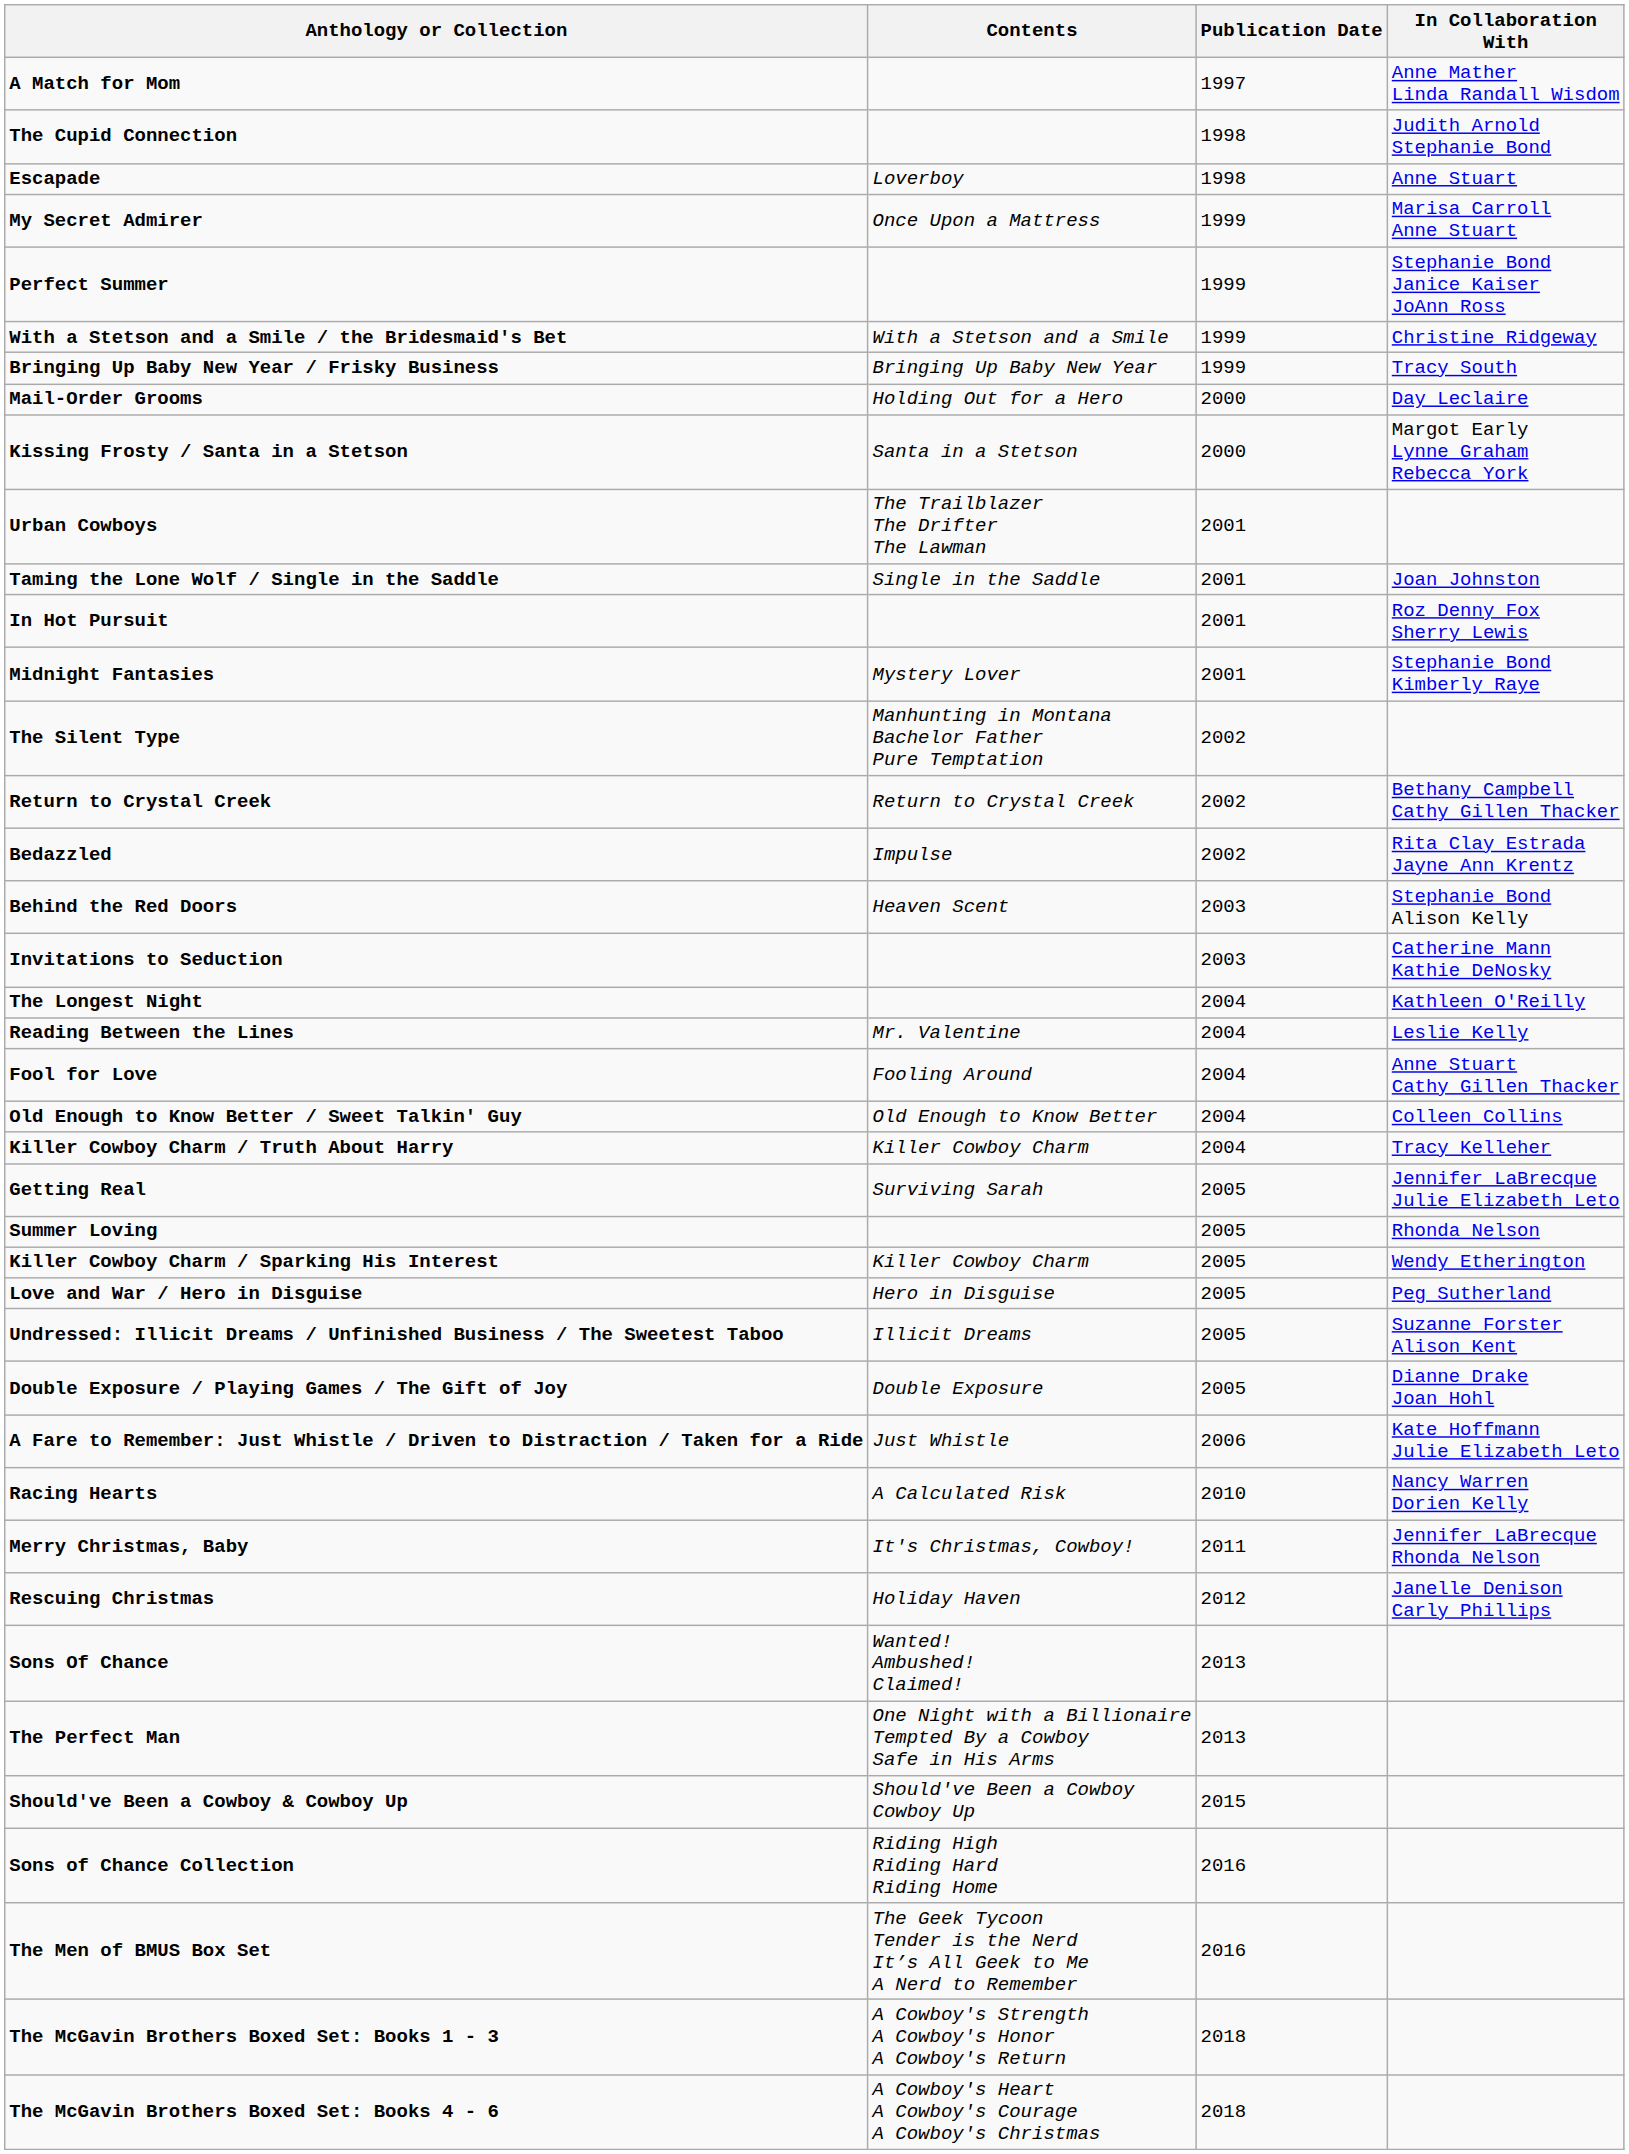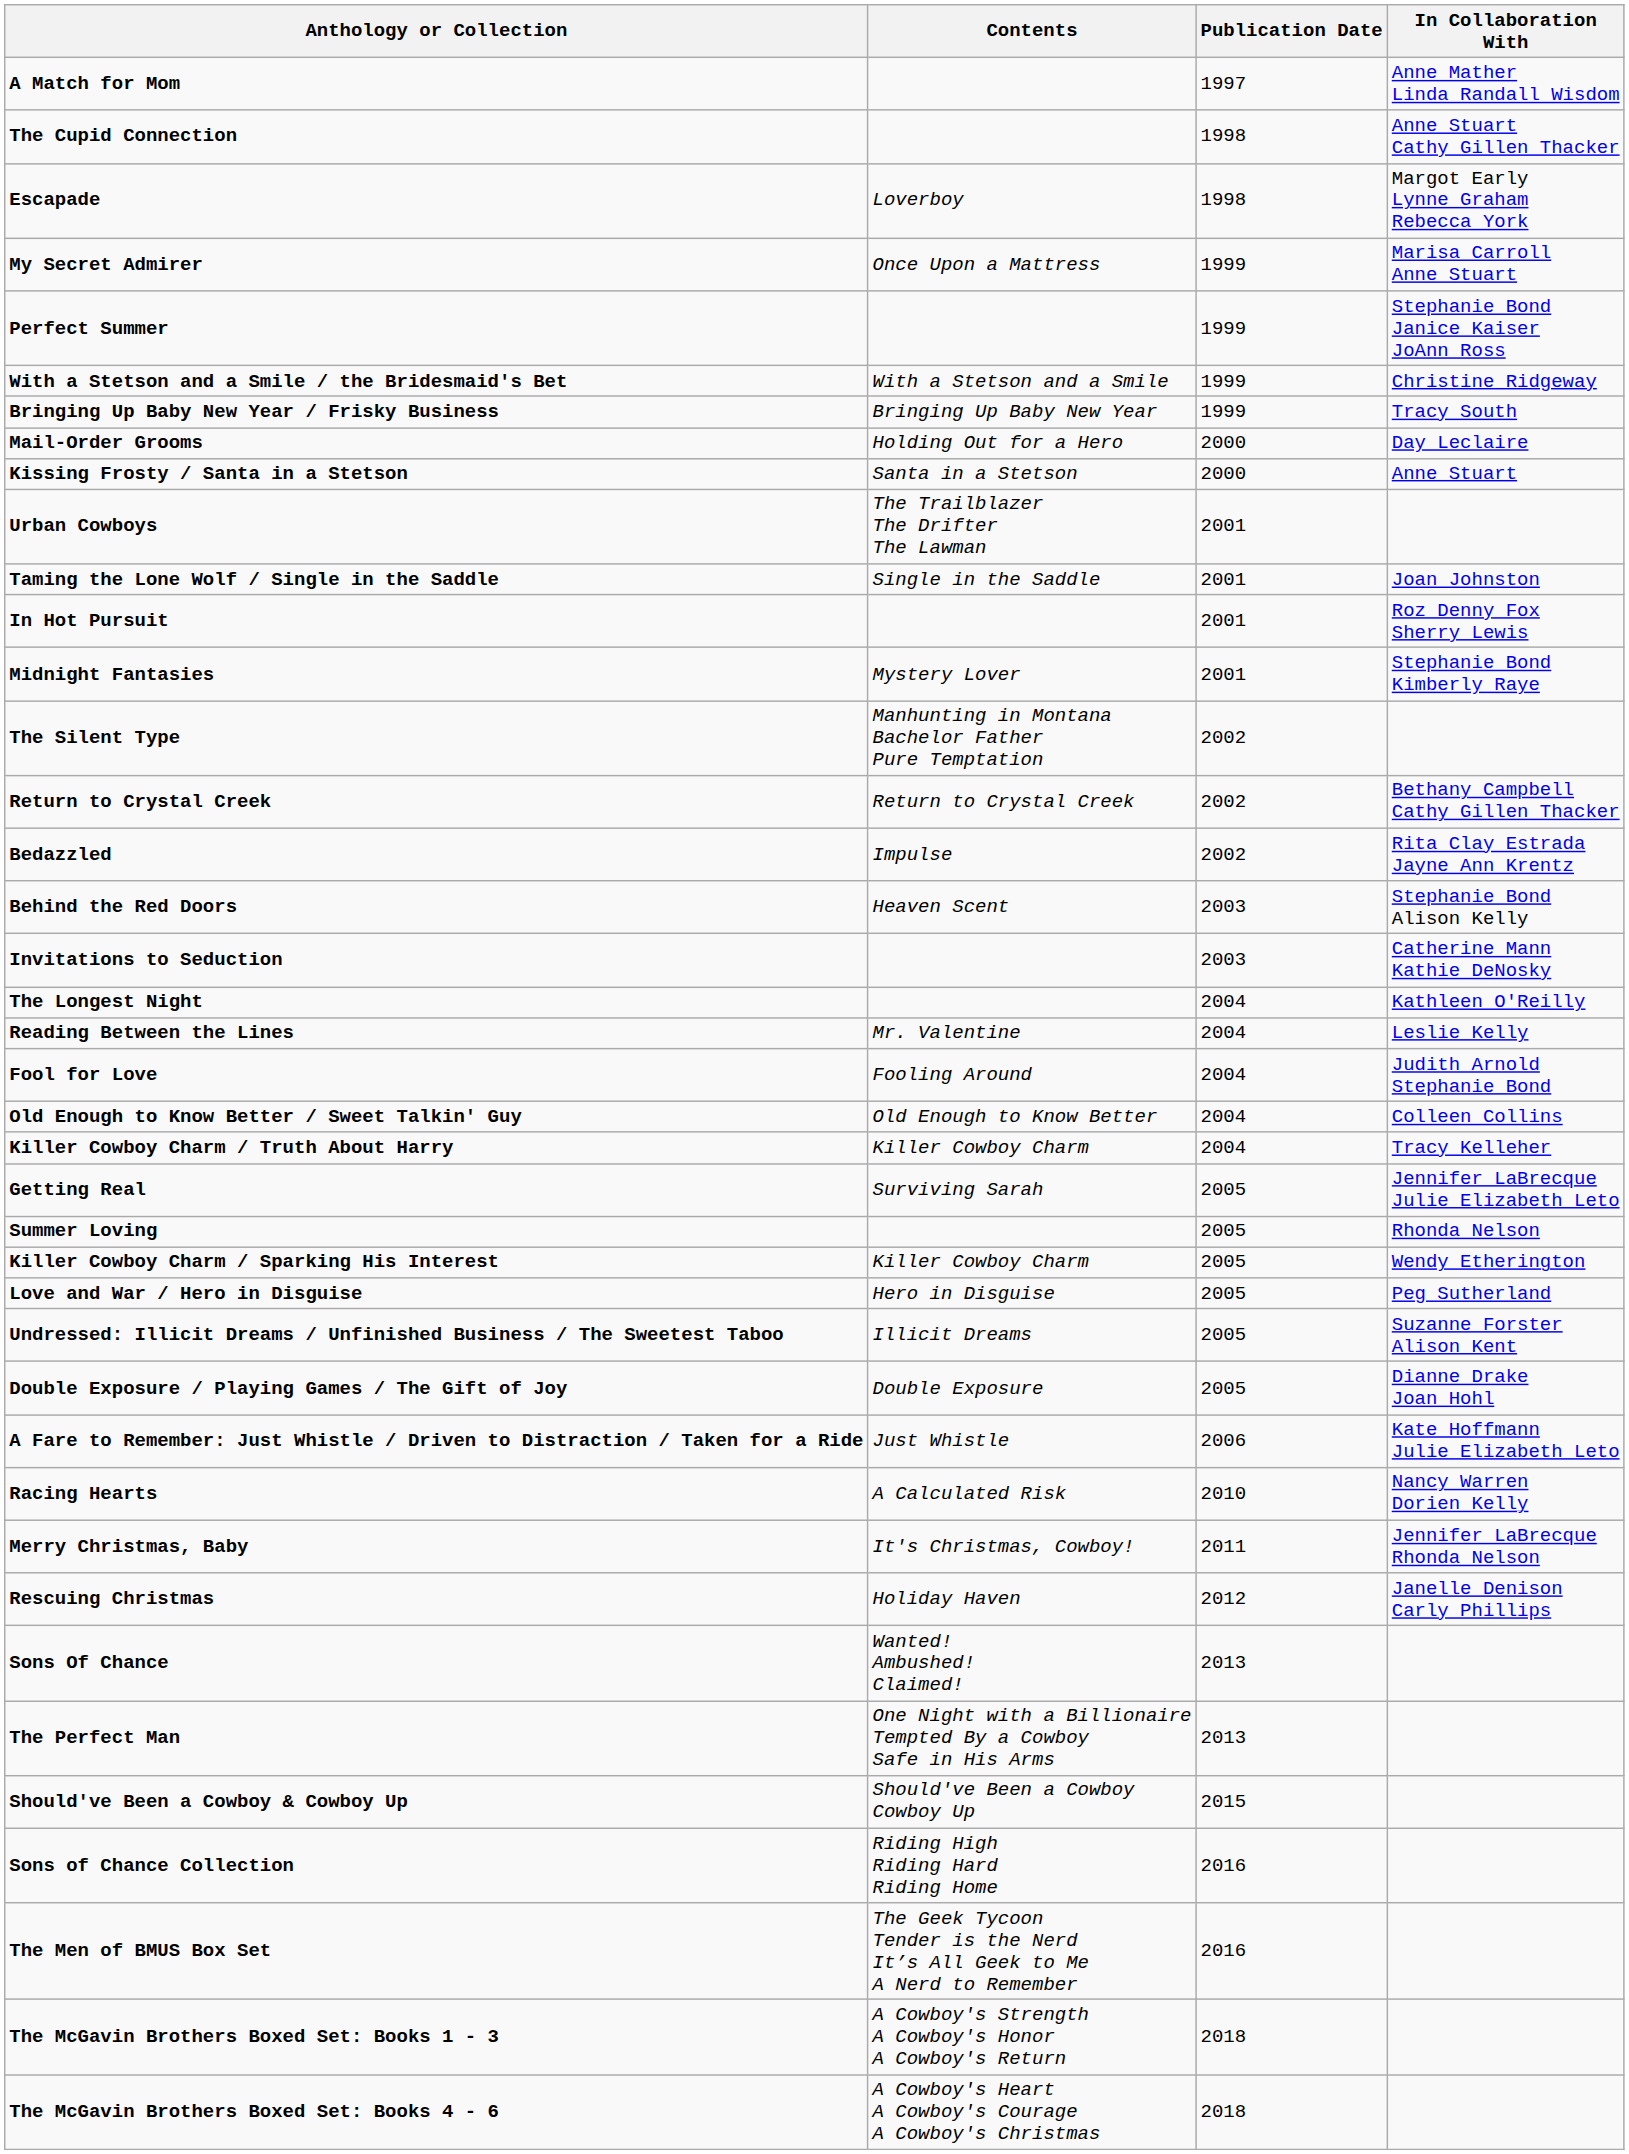 <table class="wikitable">
 <tr>
 <th><strong>Anthology or Collection</strong></th>
 <th><strong>Contents</strong></th>
 <th><strong>Publication Date</strong></th>
 <th>In Collaboration<br>With</th>
 </tr>
 <tr>
 <td><strong>A Match for Mom</strong></td>
 <td></td>
 <td>1997</td>
 <td><a href='#'>Anne Mather</a><br><a href='#'>Linda Randall Wisdom</a></td>
 </tr>
 <tr>
 <td><strong>The Cupid Connection</strong></td>
 <td></td>
 <td>1998</td>
-<td><a href='#'>Judith Arnold</a><br><a href='#'>Stephanie Bond</a></td>
+<td><a href='#'>Anne Stuart</a><br><a href='#'>Cathy Gillen Thacker</a></td>
 </tr>
 <tr>
 <td><strong>Escapade</strong></td>
 <td><em>Loverboy</em></td>
 <td>1998</td>
-<td><a href='#'>Anne Stuart</a></td>
+<td>Margot Early<br><a href='#'>Lynne Graham</a><br><a href='#'>Rebecca York</a></td>
 </tr>
 <tr>
 <td><strong>My Secret Admirer</strong></td>
 <td><em>Once Upon a Mattress</em></td>
 <td>1999</td>
 <td><a href='#'>Marisa Carroll</a><br><a href='#'>Anne Stuart</a></td>
 </tr>
 <tr>
 <td><strong>Perfect Summer</strong></td>
 <td></td>
 <td>1999</td>
 <td><a href='#'>Stephanie Bond</a><br><a href='#'>Janice Kaiser</a><br><a href='#'>JoAnn Ross</a></td>
 </tr>
 <tr>
 <td><strong>With a Stetson and a Smile / the Bridesmaid's Bet</strong></td>
 <td><em>With a Stetson and a Smile</em></td>
 <td>1999</td>
 <td><a href='#'>Christine Ridgeway</a></td>
 </tr>
 <tr>
 <td><strong>Bringing Up Baby New Year / Frisky Business</strong></td>
 <td><em>Bringing Up Baby New Year</em></td>
 <td>1999</td>
 <td><a href='#'>Tracy South</a></td>
 </tr>
 <tr>
 <td><strong>Mail-Order Grooms</strong></td>
 <td><em>Holding Out for a Hero</em></td>
 <td>2000</td>
 <td><a href='#'>Day Leclaire</a></td>
 </tr>
 <tr>
 <td><strong>Kissing Frosty / Santa in a Stetson</strong></td>
 <td><em>Santa in a Stetson</em></td>
 <td>2000</td>
-<td>Margot Early<br><a href='#'>Lynne Graham</a><br><a href='#'>Rebecca York</a></td>
+<td><a href='#'>Anne Stuart</a></td>
 </tr>
 <tr>
 <td><strong>Urban Cowboys</strong></td>
 <td><em>The Trailblazer</em><br><em>The Drifter</em><br><em>The Lawman</em></td>
 <td>2001</td>
 <td></td>
 </tr>
 <tr>
 <td><strong>Taming the Lone Wolf / Single in the Saddle</strong></td>
 <td><em>Single in the Saddle</em></td>
 <td>2001</td>
 <td><a href='#'>Joan Johnston</a></td>
 </tr>
 <tr>
 <td><strong>In Hot Pursuit</strong></td>
 <td></td>
 <td>2001</td>
 <td><a href='#'>Roz Denny Fox</a><br><a href='#'>Sherry Lewis</a></td>
 </tr>
 <tr>
 <td><strong>Midnight Fantasies</strong></td>
 <td><em>Mystery Lover</em></td>
 <td>2001</td>
 <td><a href='#'>Stephanie Bond</a><br><a href='#'>Kimberly Raye</a></td>
 </tr>
 <tr>
 <td><strong>The Silent Type</strong></td>
 <td><em>Manhunting in Montana</em><br><em>Bachelor Father</em><br><em>Pure Temptation</em></td>
 <td>2002</td>
 <td></td>
 </tr>
 <tr>
 <td><strong>Return to Crystal Creek</strong></td>
 <td><em>Return to Crystal Creek</em></td>
 <td>2002</td>
 <td><a href='#'>Bethany Campbell</a><br><a href='#'>Cathy Gillen Thacker</a></td>
 </tr>
 <tr>
 <td><strong>Bedazzled</strong></td>
 <td><em>Impulse</em></td>
 <td>2002</td>
 <td><a href='#'>Rita Clay Estrada</a><br><a href='#'>Jayne Ann Krentz</a></td>
 </tr>
 <tr>
 <td><strong>Behind the Red Doors</strong></td>
 <td><em>Heaven Scent</em></td>
 <td>2003</td>
 <td><a href='#'>Stephanie Bond</a><br>Alison Kelly</td>
 </tr>
 <tr>
 <td><strong>Invitations to Seduction</strong></td>
 <td></td>
 <td>2003</td>
 <td><a href='#'>Catherine Mann</a><br><a href='#'>Kathie DeNosky</a></td>
 </tr>
 <tr>
 <td><strong>The Longest Night</strong></td>
 <td></td>
 <td>2004</td>
 <td><a href='#'>Kathleen O'Reilly</a></td>
 </tr>
 <tr>
 <td><strong>Reading Between the Lines</strong></td>
 <td><em>Mr. Valentine</em></td>
 <td>2004</td>
 <td><a href='#'>Leslie Kelly</a></td>
 </tr>
 <tr>
 <td><strong>Fool for Love</strong></td>
 <td><em>Fooling Around</em></td>
 <td>2004</td>
-<td><a href='#'>Anne Stuart</a><br><a href='#'>Cathy Gillen Thacker</a></td>
+<td><a href='#'>Judith Arnold</a><br><a href='#'>Stephanie Bond</a></td>
 </tr>
 <tr>
 <td><strong>Old Enough to Know Better / Sweet Talkin' Guy</strong></td>
 <td><em>Old Enough to Know Better</em></td>
 <td>2004</td>
 <td><a href='#'>Colleen Collins</a></td>
 </tr>
 <tr>
 <td><strong>Killer Cowboy Charm / Truth About Harry</strong></td>
 <td><em>Killer Cowboy Charm</em></td>
 <td>2004</td>
 <td><a href='#'>Tracy Kelleher</a></td>
 </tr>
 <tr>
 <td><strong>Getting Real</strong></td>
 <td><em>Surviving Sarah</em></td>
 <td>2005</td>
 <td><a href='#'>Jennifer LaBrecque</a><br><a href='#'>Julie Elizabeth Leto</a></td>
 </tr>
 <tr>
 <td><strong>Summer Loving</strong></td>
 <td></td>
 <td>2005</td>
 <td><a href='#'>Rhonda Nelson</a></td>
 </tr>
 <tr>
 <td><strong>Killer Cowboy Charm / Sparking His Interest</strong></td>
 <td><em>Killer Cowboy Charm</em></td>
 <td>2005</td>
 <td><a href='#'>Wendy Etherington</a></td>
 </tr>
 <tr>
 <td><strong>Love and War / Hero in Disguise</strong></td>
 <td><em>Hero in Disguise</em></td>
 <td>2005</td>
 <td><a href='#'>Peg Sutherland</a></td>
 </tr>
 <tr>
 <td><strong>Undressed: Illicit Dreams / Unfinished Business / The Sweetest Taboo</strong></td>
 <td><em>Illicit Dreams</em></td>
 <td>2005</td>
 <td><a href='#'>Suzanne Forster</a><br><a href='#'>Alison Kent</a></td>
 </tr>
 <tr>
 <td><strong>Double Exposure / Playing Games / The Gift of Joy</strong></td>
 <td><em>Double Exposure</em></td>
 <td>2005</td>
 <td><a href='#'>Dianne Drake</a><br><a href='#'>Joan Hohl</a></td>
 </tr>
 <tr>
 <td><strong>A Fare to Remember: Just Whistle / Driven to Distraction / Taken for a Ride</strong></td>
 <td><em>Just Whistle</em></td>
 <td>2006</td>
 <td><a href='#'>Kate Hoffmann</a><br><a href='#'>Julie Elizabeth Leto</a></td>
 </tr>
 <tr>
 <td><strong>Racing Hearts</strong></td>
 <td><em>A Calculated Risk</em></td>
 <td>2010</td>
 <td><a href='#'>Nancy Warren</a><br><a href='#'>Dorien Kelly</a></td>
 </tr>
 <tr>
 <td><strong>Merry Christmas, Baby</strong></td>
 <td><em>It's Christmas, Cowboy!</em></td>
 <td>2011</td>
 <td><a href='#'>Jennifer LaBrecque</a><br><a href='#'>Rhonda Nelson</a></td>
 </tr>
 <tr>
 <td><strong>Rescuing Christmas</strong></td>
 <td><em>Holiday Haven</em></td>
 <td>2012</td>
 <td><a href='#'>Janelle Denison</a><br><a href='#'>Carly Phillips</a></td>
 </tr>
 <tr>
 <td><strong>Sons Of Chance</strong></td>
 <td><em>Wanted!</em><br><em>Ambushed!</em><br><em>Claimed!</em></td>
 <td>2013</td>
 <td></td>
 </tr>
 <tr>
 <td><strong>The Perfect Man</strong></td>
 <td><em>One Night with a Billionaire</em><br><em>Tempted By a Cowboy</em><br><em>Safe in His Arms</em></td>
 <td>2013</td>
 <td></td>
 </tr>
 <tr>
 <td><strong>Should've Been a Cowboy & Cowboy Up</strong></td>
 <td><em>Should've Been a Cowboy</em><br><em>Cowboy Up</em></td>
 <td>2015</td>
 <td></td>
 </tr>
 <tr>
 <td><strong>Sons of Chance Collection</strong></td>
 <td><em>Riding High</em><br><em>Riding Hard</em><br><em>Riding Home</em></td>
 <td>2016</td>
 <td></td>
 </tr>
 <tr>
 <td><strong>The Men of BMUS Box Set</strong></td>
 <td><em>The Geek Tycoon</em><br><em>Tender is the Nerd</em><br><em>It’s All Geek to Me</em><br><em>A Nerd to Remember</em></td>
 <td>2016</td>
 <td></td>
 </tr>
 <tr>
 <td><strong>The McGavin Brothers Boxed Set: Books 1 - 3</strong></td>
 <td><em>A Cowboy's Strength</em><br><em>A Cowboy's Honor</em><br><em>A Cowboy's Return</em></td>
 <td>2018</td>
 <td></td>
 </tr>
 <tr>
 <td><strong>The McGavin Brothers Boxed Set: Books 4 - 6</strong></td>
 <td><em>A Cowboy's Heart</em><br><em>A Cowboy's Courage</em><br><em>A Cowboy's Christmas</em></td>
 <td>2018</td>
 <td></td>
 </tr>
 </table>
